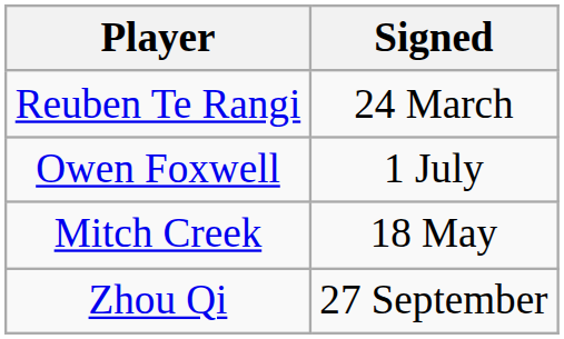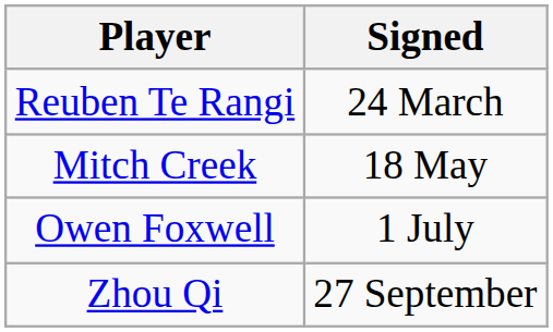 <table class="wikitable sortable sortable" style="text-align: center">
 <tr>
 <th>Player</th>
 <th>Signed</th>
 </tr>
 <tr>
 <td><a href='#'>Reuben Te Rangi</a></td>
 <td>24 March</td>
 </tr>
 <tr>
+<td><a href='#'>Mitch Creek</a></td>
+<td>18 May</td>
+</tr>
+<tr>
 <td><a href='#'>Owen Foxwell</a></td>
 <td>1 July</td>
-</tr>
-<tr>
-<td><a href='#'>Mitch Creek</a></td>
-<td>18 May</td>
 </tr>
 <tr>
 <td><a href='#'>Zhou Qi</a></td>
 <td>27 September</td>
 </tr>
 </table>
